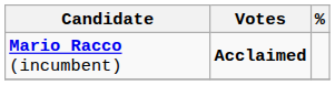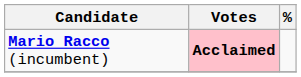 <table class="wikitable">
 <tr>
 <th bgcolor="#DDDDFF" width="150px">Candidate</th>
 <th bgcolor="#DDDDFF">Votes</th>
 <th bgcolor="#DDDDFF">%</th>
 </tr>
 <tr>
 <td><strong><a href='#'>Mario Racco</a></strong> (incumbent)</td>
-<td><strong>Acclaimed</strong></td>
+<td style="background: pink;"><strong>Acclaimed</strong></td>
 <td></td>
 </tr>
 <tr>
 </tr>
 </table>
